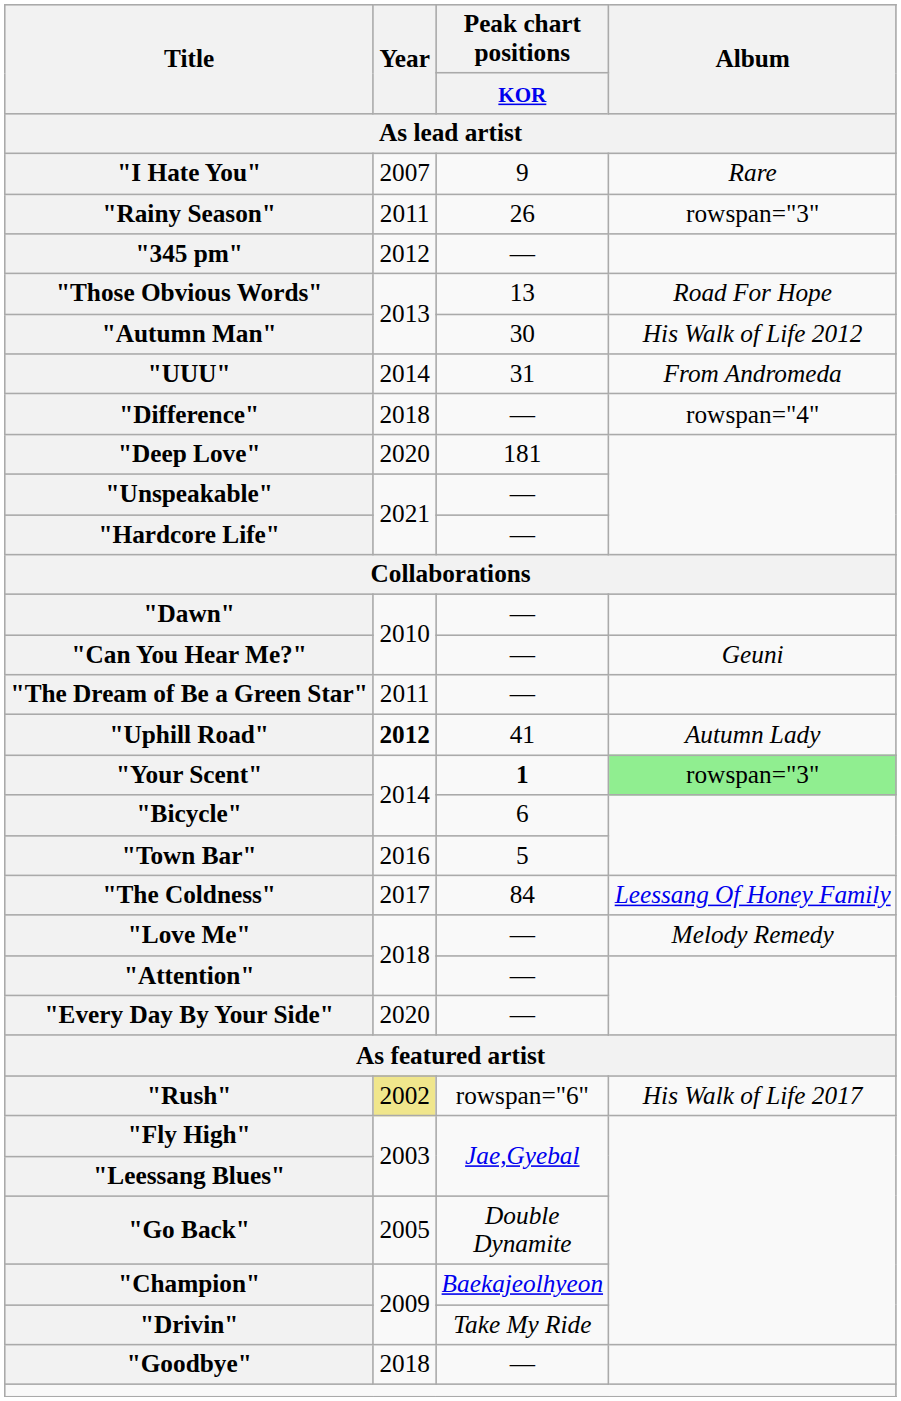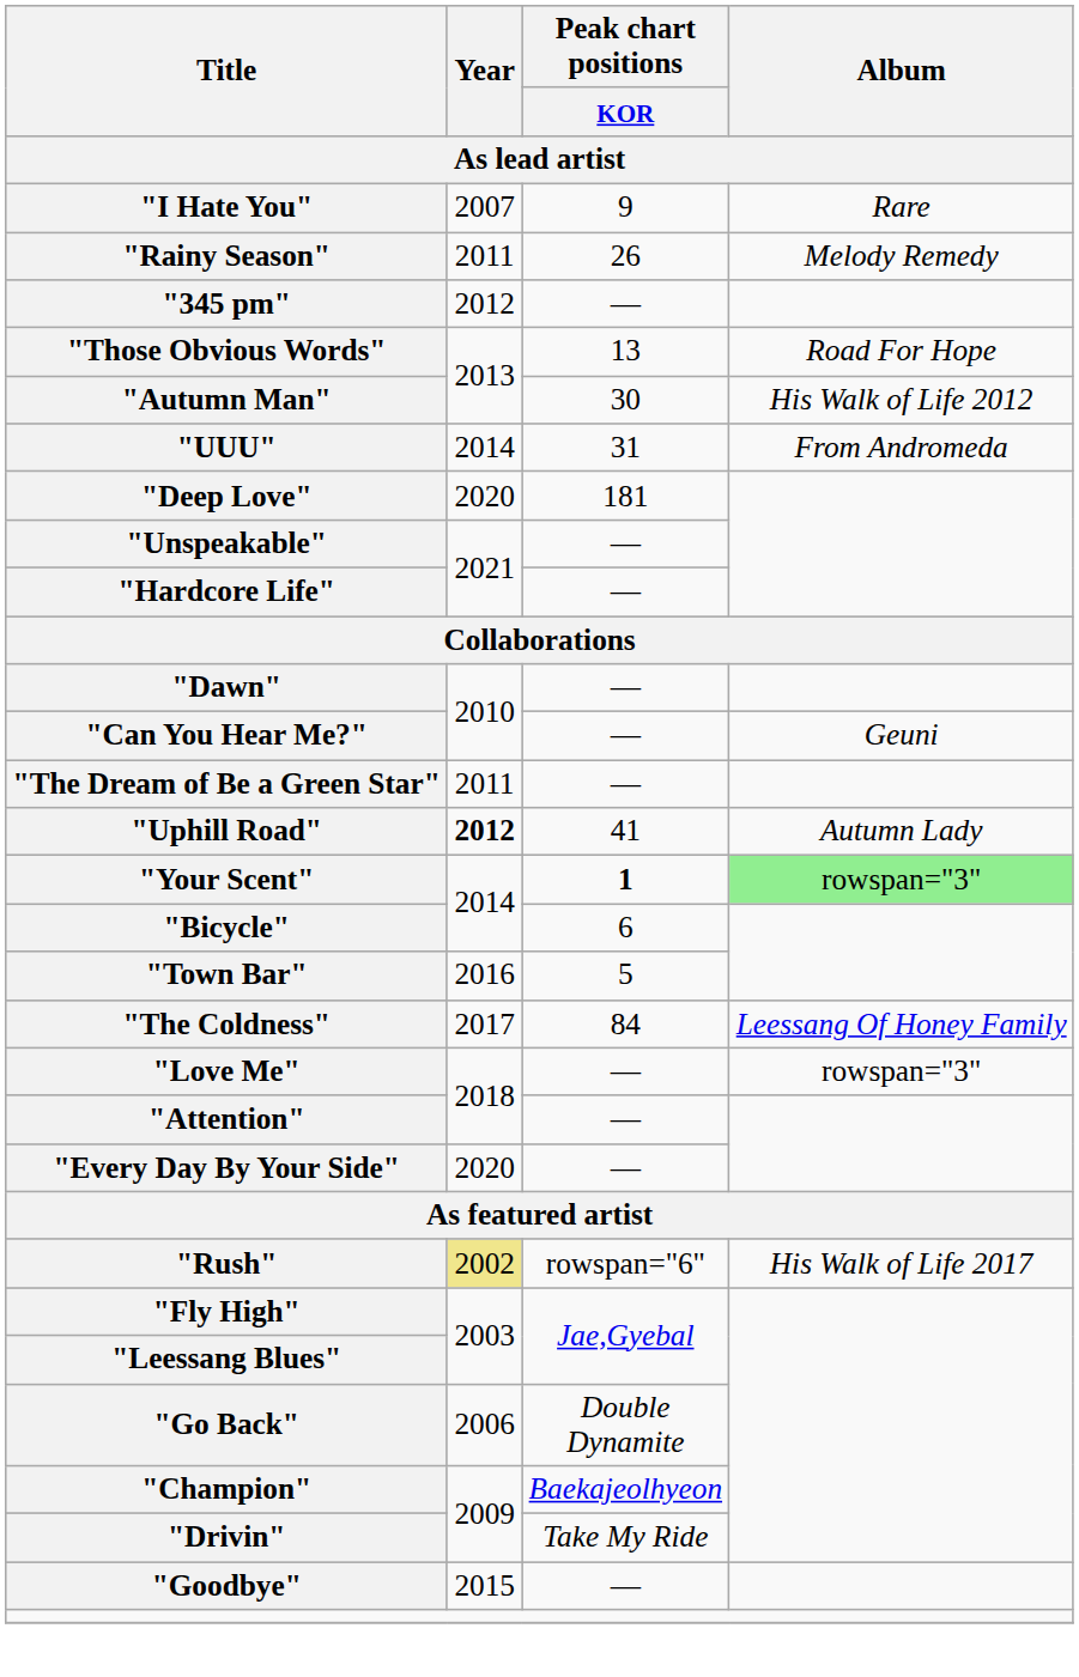 <table class="wikitable plainrowheaders" style="text-align:center;">
 <tr>
 <th scope="col" rowspan="2">Title</th>
 <th scope="col" rowspan="2">Year</th>
 <th scope="col" colspan="1" style="width:5em;">Peak chart positions</th>
 <th scope="col" rowspan="2">Album</th>
 </tr>
 <tr>
 <th><small><a href='#'>KOR</a></small><br></th>
 </tr>
 <tr>
 <th colspan="4" scope="col">As lead artist</th>
 </tr>
 <tr>
 <th scope="row">"I Hate You" </th>
 <td>2007</td>
 <td>9</td>
 <td><em>Rare</em></td>
 </tr>
 <tr>
 <th scope="row">"Rainy Season" </th>
 <td>2011</td>
 <td>26</td>
-<td>rowspan="3" </td>
+<td><em>Melody Remedy</em></td>
 </tr>
 <tr>
 <th scope="row">"345 pm"</th>
 <td>2012</td>
 <td>—</td>
 <td></td>
 </tr>
 <tr>
 <th scope="row">"Those Obvious Words" </th>
 <td rowspan="2">2013</td>
 <td>13</td>
 <td><em>Road For Hope</em></td>
 </tr>
 <tr>
 <th scope="row">"Autumn Man" </th>
 <td>30</td>
 <td><em>His Walk of Life 2012</em></td>
 </tr>
 <tr>
 <th scope="row">"UUU"</th>
 <td>2014</td>
 <td>31</td>
 <td><em>From Andromeda</em></td>
-</tr>
-<tr>
-<th scope="row">"Difference" </th>
-<td>2018</td>
-<td>—</td>
-<td>rowspan="4" </td>
 </tr>
 <tr>
 <th scope="row">"Deep Love" </th>
 <td>2020</td>
 <td>181</td>
 </tr>
 <tr>
 <th scope="row">"Unspeakable" </th>
 <td rowspan="2">2021</td>
 <td>—</td>
 </tr>
 <tr>
 <th scope="row">"Hardcore Life" </th>
 <td>—</td>
 </tr>
 <tr>
 <th colspan="4" scope="col">Collaborations</th>
 </tr>
 <tr>
 <th scope="row">"Dawn" <br></th>
 <td rowspan="2">2010</td>
 <td>—</td>
 <td></td>
 </tr>
 <tr>
 <th scope="row">"Can You Hear Me?" <br></th>
 <td>—</td>
 <td><em>Geuni</em></td>
 </tr>
 <tr>
 <th scope="row">"The Dream of Be a Green Star" <br></th>
 <td>2011</td>
 <td>—</td>
 <td></td>
 </tr>
 <tr>
 <th scope="row">"Uphill Road" <br></th>
 <td><strong>2012</strong></td>
 <td>41</td>
 <td><em>Autumn Lady</em></td>
 </tr>
 <tr>
 <th scope="row">"Your Scent" <br></th>
 <td rowspan="2">2014</td>
 <td><strong>1</strong></td>
 <td style="background: lightgreen;">rowspan="3" </td>
 </tr>
 <tr>
 <th scope="row">"Bicycle" <br></th>
 <td>6</td>
 </tr>
 <tr>
 <th scope="row">"Town Bar" <br></th>
 <td>2016</td>
 <td>5</td>
 </tr>
 <tr>
 <th scope="row">"The Coldness" <br></th>
 <td>2017</td>
 <td>84</td>
 <td><em><a href='#'>Leessang Of Honey Family</a></em></td>
 </tr>
 <tr>
 <th scope="row">"Love Me" <br></th>
 <td rowspan="2">2018</td>
 <td>—</td>
-<td><em>Melody Remedy</em></td>
+<td>rowspan="3" </td>
 </tr>
 <tr>
 <th scope="row">"Attention"<br></th>
 <td>—</td>
 </tr>
 <tr>
 <th scope="row">"Every Day By Your Side" <br></th>
 <td>2020</td>
 <td>—</td>
 </tr>
 <tr>
 <th colspan="4">As featured artist</th>
 </tr>
 <tr>
 <th scope="row">"Rush"<br></th>
 <td style="background: khaki;">2002</td>
 <td>rowspan="6" </td>
 <td><em>His Walk of Life 2017</em></td>
 </tr>
 <tr>
 <th scope="row">"Fly High"<br></th>
 <td rowspan="2">2003</td>
 <td rowspan="2"><em><a href='#'>Jae,Gyebal</a></em></td>
 </tr>
 <tr>
 <th scope="row">"Leessang Blues"<br></th>
 </tr>
 <tr>
 <th scope="row">"Go Back"<br></th>
-<td>2005</td>
+<td>2006</td>
 <td><em>Double Dynamite</em></td>
 </tr>
 <tr>
 <th scope="row">"Champion"<br></th>
 <td rowspan="2">2009</td>
 <td><em><a href='#'>Baekajeolhyeon</a></em></td>
 </tr>
 <tr>
 <th scope="row">"Drivin"<br></th>
 <td><em>Take My Ride</em></td>
 </tr>
 <tr>
 <th scope="row">"Goodbye" <br></th>
-<td>2018</td>
+<td>2015</td>
 <td>—</td>
 <td></td>
 </tr>
 <tr>
 <td colspan="4"></td>
 </tr>
 <tr>
 </tr>
 </table>
